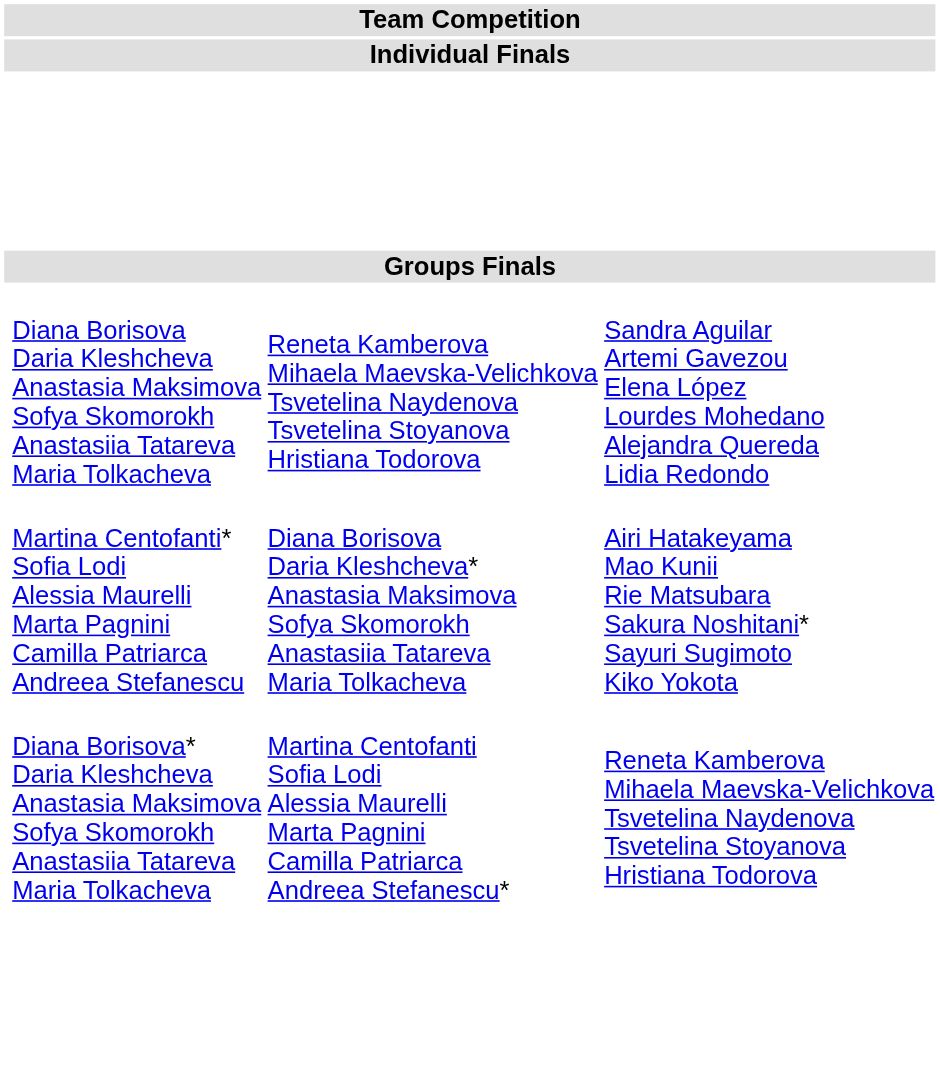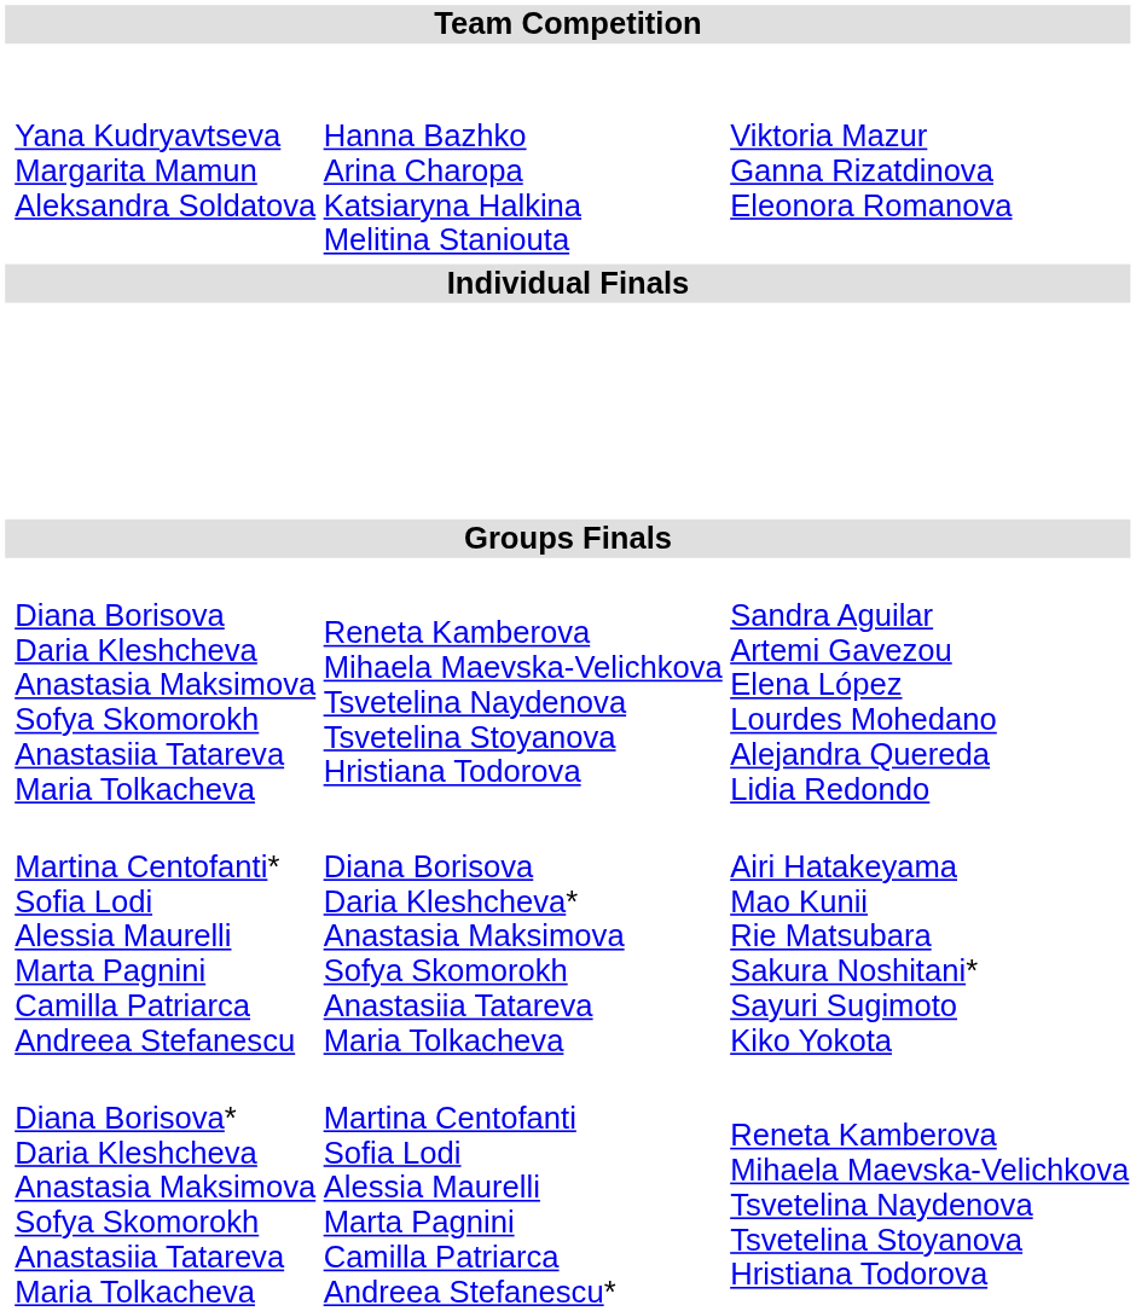 <table>
 <tr bgcolor="#DFDFDF">
 <td colspan="4" align="center"><strong>Team Competition</strong></td>
+</tr>
+<tr>
+<th scope=row style="text-align:left"><br></th>
+<td valign="top"><br><br><a href='#'>Yana Kudryavtseva</a><br> <a href='#'>Margarita Mamun</a><br> <a href='#'>Aleksandra Soldatova</a><br></td>
+<td valign="top"><br><br><a href='#'>Hanna Bazhko</a><br> <a href='#'>Arina Charopa</a><br> <a href='#'>Katsiaryna Halkina</a><br> <a href='#'>Melitina Staniouta</a><br></td>
+<td valign="top"><br><br><a href='#'>Viktoria Mazur</a><br> <a href='#'>Ganna Rizatdinova</a><br> <a href='#'>Eleonora Romanova</a> <br></td>
 </tr>
 <tr bgcolor="#DFDFDF">
 <td colspan="4" align="center"><strong>Individual Finals</strong></td>
 </tr>
 <tr>
 <th scope=row style="text-align:left"><br></th>
 <td></td>
 <td></td>
 <td></td>
 </tr>
 <tr>
 <td><br></td>
 <td></td>
 <td></td>
 <td></td>
 </tr>
 <tr>
 <td scope=row style="text-align:left"><br></td>
 <td></td>
 <td></td>
 <td></td>
 </tr>
 <tr>
 <th scope=row style="text-align:left"><br></th>
 <td></td>
 <td></td>
 <td></td>
 </tr>
 <tr>
 <th scope=row style="text-align:left"><br></th>
 <td></td>
 <td></td>
 <td></td>
 </tr>
 <tr bgcolor="#DFDFDF">
 <td colspan="4" align="center"><strong>Groups Finals</strong></td>
 </tr>
 <tr>
 <th scope=row style="text-align:left"><br></th>
 <td> <br><a href='#'>Diana Borisova</a><br><a href='#'>Daria Kleshcheva</a><br><a href='#'>Anastasia Maksimova</a><br><a href='#'>Sofya Skomorokh</a><br><a href='#'>Anastasiia Tatareva</a><br><a href='#'>Maria Tolkacheva</a></td>
 <td> <br><a href='#'>Reneta Kamberova</a><br><a href='#'>Mihaela Maevska-Velichkova</a><br><a href='#'>Tsvetelina Naydenova</a><br><a href='#'>Tsvetelina Stoyanova</a><br><a href='#'>Hristiana Todorova</a></td>
 <td> <br><a href='#'>Sandra Aguilar</a><br><a href='#'>Artemi Gavezou</a><br><a href='#'>Elena López</a><br><a href='#'>Lourdes Mohedano</a><br><a href='#'>Alejandra Quereda</a><br><a href='#'>Lidia Redondo</a></td>
 </tr>
 <tr>
 <th scope=row style="text-align:left"><br></th>
 <td> <br><a href='#'>Martina Centofanti</a>*<br><a href='#'>Sofia Lodi</a><br><a href='#'>Alessia Maurelli</a><br><a href='#'>Marta Pagnini</a><br><a href='#'>Camilla Patriarca</a><br><a href='#'>Andreea Stefanescu</a></td>
 <td> <br><a href='#'>Diana Borisova</a><br><a href='#'>Daria Kleshcheva</a>*<br><a href='#'>Anastasia Maksimova</a><br><a href='#'>Sofya Skomorokh</a><br><a href='#'>Anastasiia Tatareva</a><br><a href='#'>Maria Tolkacheva</a></td>
 <td> <br><a href='#'>Airi Hatakeyama</a><br><a href='#'>Mao Kunii</a><br><a href='#'>Rie Matsubara</a><br><a href='#'>Sakura Noshitani</a>*<br><a href='#'>Sayuri Sugimoto</a><br><a href='#'>Kiko Yokota</a></td>
 </tr>
 <tr>
 <th scope=row style="text-align:left"><br></th>
 <td> <br><a href='#'>Diana Borisova</a>*<br><a href='#'>Daria Kleshcheva</a><br><a href='#'>Anastasia Maksimova</a><br><a href='#'>Sofya Skomorokh</a><br><a href='#'>Anastasiia Tatareva</a><br><a href='#'>Maria Tolkacheva</a></td>
 <td> <br><a href='#'>Martina Centofanti</a><br><a href='#'>Sofia Lodi</a><br><a href='#'>Alessia Maurelli</a><br><a href='#'>Marta Pagnini</a><br><a href='#'>Camilla Patriarca</a><br><a href='#'>Andreea Stefanescu</a>*</td>
 <td> <br><a href='#'>Reneta Kamberova</a><br><a href='#'>Mihaela Maevska-Velichkova</a><br><a href='#'>Tsvetelina Naydenova</a><br><a href='#'>Tsvetelina Stoyanova</a><br><a href='#'>Hristiana Todorova</a></td>
 </tr>
 </table>
